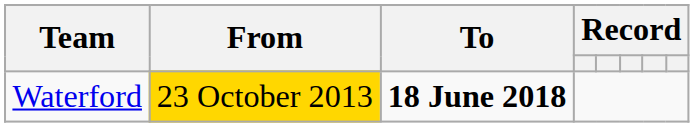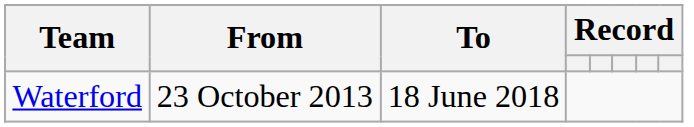 <table class=wikitable style="text-align: center">
 <tr>
 <th rowspan=2>Team</th>
 <th rowspan=2>From</th>
 <th rowspan=2>To</th>
 <th colspan=5>Record</th>
 </tr>
 <tr>
 <th></th>
 <th></th>
 <th></th>
 <th></th>
 <th></th>
 </tr>
 <tr>
 <td align=left><a href='#'>Waterford</a></td>
-<td align=left style="background: gold;">23 October 2013</td>
-<td align=left><strong>18 June 2018<br></strong></td>
+<td align=left>23 October 2013</td>
+<td align=left>18 June 2018<br></td>
 </tr>
 </table>
